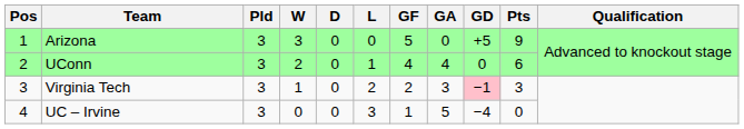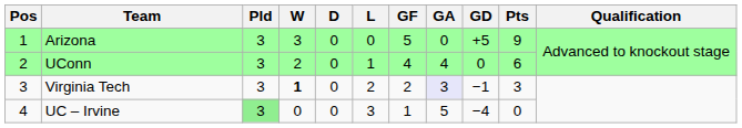 <table class="wikitable" style="text-align:center; margin: 1em auto">
 <tr>
 <th style="width:2em">Pos</th>
 <th style="width:13em">Team</th>
 <th style="width:2em">Pld</th>
 <th style="width:2em">W</th>
 <th style="width:2em">D</th>
 <th style="width:2em">L</th>
 <th style="width:2em">GF</th>
 <th style="width:2em">GA</th>
 <th style="width:2em">GD</th>
 <th style="width:2em">Pts</th>
 <th style="width:13em">Qualification</th>
 </tr>
 <tr bgcolor="#9eff9e">
 <td>1</td>
 <td style="text-align:left">Arizona</td>
 <td>3</td>
 <td>3</td>
 <td>0</td>
 <td>0</td>
 <td>5</td>
 <td>0</td>
 <td>+5</td>
 <td>9</td>
 <td rowspan="2">Advanced to knockout stage</td>
 </tr>
 <tr bgcolor="#9eff9e">
 <td>2</td>
 <td style="text-align:left">UConn</td>
 <td>3</td>
 <td>2</td>
 <td>0</td>
 <td>1</td>
 <td>4</td>
 <td>4</td>
 <td>0</td>
 <td>6</td>
 </tr>
 <tr>
 <td>3</td>
 <td style="text-align:left">Virginia Tech</td>
 <td>3</td>
-<td>1</td>
+<td><strong>1</strong></td>
 <td>0</td>
 <td>2</td>
 <td>2</td>
-<td>3</td>
-<td style="background: pink;">−1</td>
+<td style="background: lavender;">3</td>
+<td>−1</td>
 <td>3</td>
 </tr>
 <tr>
 <td>4</td>
 <td style="text-align:left">UC – Irvine</td>
-<td>3</td>
+<td style="background: lightgreen;">3</td>
 <td>0</td>
 <td>0</td>
 <td>3</td>
 <td>1</td>
 <td>5</td>
 <td>−4</td>
 <td>0</td>
 </tr>
 </table>
